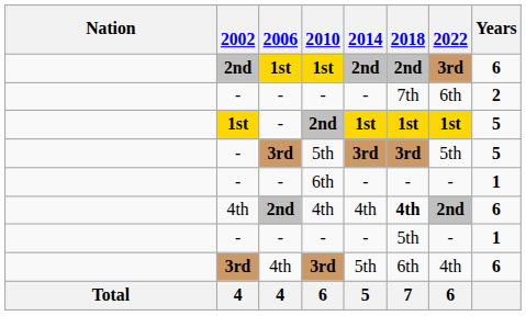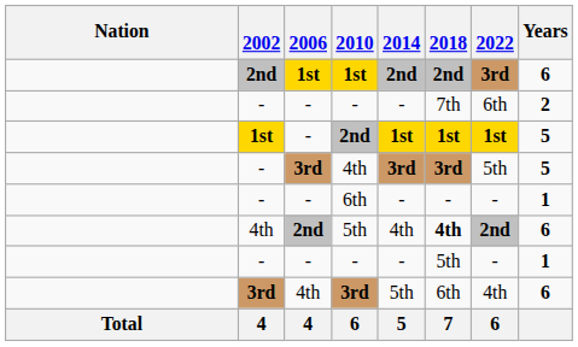 <table class="wikitable" style="text-align:center; font-size:90%">
 <tr>
 <th width=170>Nation</th>
 <th><br><a href='#'>2002</a></th>
 <th><br><a href='#'>2006</a></th>
 <th><br><a href='#'>2010</a></th>
 <th><br><a href='#'>2014</a></th>
 <th><br><a href='#'>2018</a></th>
 <th><br><a href='#'>2022</a></th>
 <th>Years</th>
 </tr>
 <tr>
 <td align=left></td>
 <td bgcolor=silver><strong>2nd</strong></td>
 <td bgcolor=gold><strong>1st</strong></td>
 <td bgcolor=gold><strong>1st</strong></td>
 <td bgcolor=silver><strong>2nd</strong></td>
 <td bgcolor=silver><strong>2nd</strong></td>
 <td bgcolor=#cc9966><strong>3rd</strong></td>
 <td><strong>6</strong></td>
 </tr>
 <tr>
 <td align=left></td>
 <td>-</td>
 <td>-</td>
 <td>-</td>
 <td>-</td>
 <td>7th</td>
 <td>6th</td>
 <td><strong>2</strong></td>
 </tr>
 <tr>
 <td align=left></td>
 <td bgcolor=gold><strong>1st</strong></td>
 <td>-</td>
 <td bgcolor=silver><strong>2nd</strong></td>
 <td bgcolor=gold><strong>1st</strong></td>
 <td bgcolor=gold><strong>1st</strong></td>
 <td bgcolor=gold><strong>1st</strong></td>
 <td><strong>5</strong></td>
 </tr>
 <tr>
 <td align=left></td>
 <td>-</td>
 <td bgcolor=#cc9966><strong>3rd</strong></td>
-<td>5th</td>
+<td>4th</td>
 <td bgcolor=#cc9966><strong>3rd</strong></td>
 <td bgcolor=#cc9966><strong>3rd</strong></td>
 <td>5th</td>
 <td><strong>5</strong></td>
 </tr>
 <tr>
 <td align=left></td>
 <td>-</td>
 <td>-</td>
 <td>6th</td>
 <td>-</td>
 <td>-</td>
 <td>-</td>
 <td><strong>1</strong></td>
 </tr>
 <tr>
 <td align=left></td>
 <td>4th</td>
 <td bgcolor=silver><strong>2nd</strong></td>
-<td>4th</td>
+<td>5th</td>
 <td>4th</td>
 <td><strong>4th</strong></td>
 <td bgcolor=silver><strong>2nd</strong></td>
 <td><strong>6</strong></td>
 </tr>
 <tr>
 <td align=left></td>
 <td>-</td>
 <td>-</td>
 <td>-</td>
 <td>-</td>
 <td>5th</td>
 <td>-</td>
 <td><strong>1</strong></td>
 </tr>
 <tr>
 <td align=left></td>
 <td bgcolor=#cc9966><strong>3rd</strong></td>
 <td>4th</td>
 <td bgcolor=#cc9966><strong>3rd</strong></td>
 <td>5th</td>
 <td>6th</td>
 <td>4th</td>
 <td><strong>6</strong></td>
 </tr>
 <tr>
 <th>Total</th>
 <th>4</th>
 <th>4</th>
 <th>6</th>
 <th>5</th>
 <th>7</th>
 <th>6</th>
 <th></th>
 </tr>
 </table>
